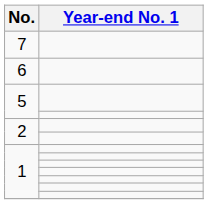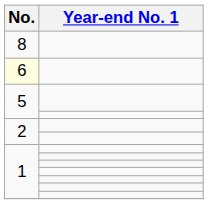 <table class="wikitable" style="display: inline-table;">
 <tr>
 <th style="width:20px;">No.</th>
 <th style="width:150px;"><a href='#'>Year-end No. 1</a></th>
 </tr>
 <tr>
-<td style="text-align:center">7</td>
+<td style="text-align:center">8</td>
 <td> <strong></strong></td>
 </tr>
 <tr>
-<td style="text-align:center">6</td>
+<td style="background: lightyellow; text-align:center">6</td>
 <td> </td>
 </tr>
 <tr>
 <td rowspan="2" style="text-align:center">5</td>
 <td>   </td>
 </tr>
 <tr>
 <td> </td>
 </tr>
 <tr>
 <td rowspan="2" style="text-align:center">2</td>
 <td> </td>
 </tr>
 <tr>
 <td> </td>
 </tr>
 <tr>
 <td rowspan="7" style="text-align:center">1</td>
 <td> </td>
 </tr>
 <tr>
 <td> </td>
 </tr>
 <tr>
 <td> </td>
 </tr>
 <tr>
 <td> </td>
 </tr>
 <tr>
 <td> </td>
 </tr>
 <tr>
 <td> <strong></strong></td>
 </tr>
 <tr>
 <td> <strong></strong></td>
 </tr>
 <tr>
 </tr>
 </table>
